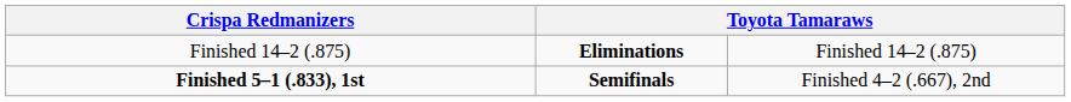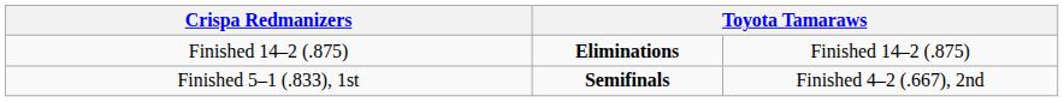 <table class=wikitable width=100%>
 <tr align=center>
 <th colspan=2 width=45%><a href='#'>Crispa Redmanizers</a></th>
 <th colspan=2 width=45%><a href='#'>Toyota Tamaraws</a></th>
 </tr>
 <tr align=center>
 <td>Finished 14–2 (.875)</td>
 <td colspan=2><strong>Eliminations</strong></td>
 <td>Finished 14–2 (.875)</td>
 </tr>
 <tr align=center>
-<td><strong>Finished 5–1 (.833), 1st</strong></td>
+<td>Finished 5–1 (.833), 1st</td>
 <td colspan=2><strong>Semifinals</strong></td>
 <td>Finished 4–2 (.667), 2nd</td>
 </tr>
 </table>
